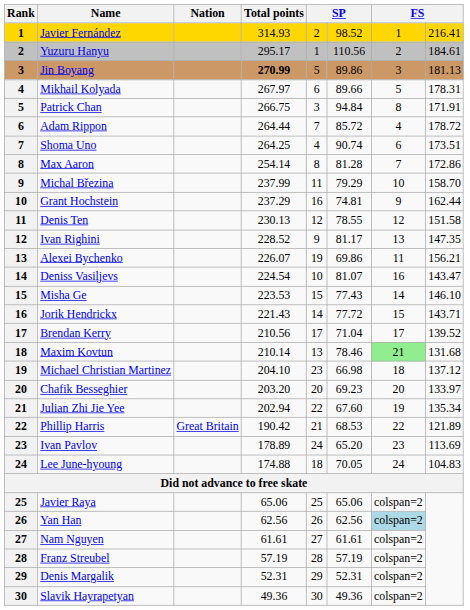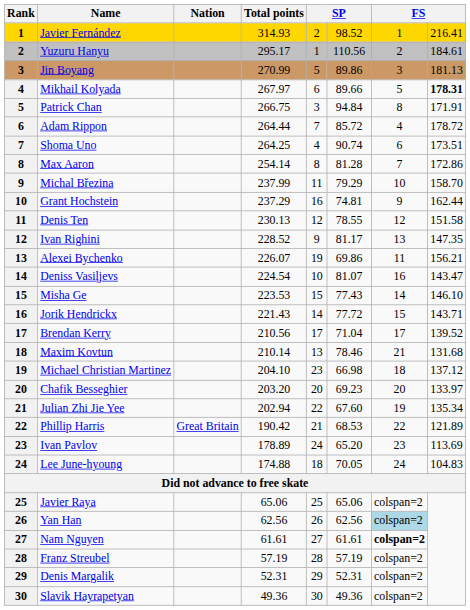 <table class="wikitable sortable">
 <tr>
 <th>Rank</th>
 <th>Name</th>
 <th>Nation</th>
 <th>Total points</th>
 <th colspan="2" width="80px"><a href='#'>SP</a></th>
 <th colspan="2" width="80px"><a href='#'>FS</a></th>
 </tr>
 <tr bgcolor="gold">
 <td align="center"><strong>1</strong></td>
 <td><a href='#'>Javier Fernández</a></td>
 <td></td>
 <td align="center">314.93</td>
 <td align="center">2</td>
 <td align="center">98.52</td>
 <td align="center">1</td>
 <td align="center">216.41</td>
 </tr>
 <tr bgcolor="silver">
 <td align="center"><strong>2</strong></td>
 <td><a href='#'>Yuzuru Hanyu</a></td>
 <td></td>
 <td align="center">295.17</td>
 <td align="center">1</td>
 <td align="center">110.56</td>
 <td align="center">2</td>
 <td align="center">184.61</td>
 </tr>
 <tr bgcolor="cc9966">
 <td align="center"><strong>3</strong></td>
 <td><a href='#'>Jin Boyang</a></td>
 <td></td>
-<td align="center"><strong>270.99</strong></td>
+<td align="center">270.99</td>
 <td align="center">5</td>
 <td align="center">89.86</td>
 <td align="center">3</td>
 <td align="center">181.13</td>
 </tr>
 <tr>
 <th>4</th>
 <td><a href='#'>Mikhail Kolyada</a></td>
 <td></td>
 <td align="center">267.97</td>
 <td align="center">6</td>
 <td align="center">89.66</td>
 <td align="center">5</td>
-<td align="center">178.31</td>
+<td align="center"><strong>178.31</strong></td>
 </tr>
 <tr>
 <th align="center">5</th>
 <td><a href='#'>Patrick Chan</a></td>
 <td></td>
 <td align="center">266.75</td>
 <td align="center">3</td>
 <td align="center">94.84</td>
 <td align="center">8</td>
 <td align="center">171.91</td>
 </tr>
 <tr>
 <th>6</th>
 <td><a href='#'>Adam Rippon</a></td>
 <td></td>
 <td align="center">264.44</td>
 <td align="center">7</td>
 <td align="center">85.72</td>
 <td align="center">4</td>
 <td align="center">178.72</td>
 </tr>
 <tr>
 <th>7</th>
 <td><a href='#'>Shoma Uno</a></td>
 <td></td>
 <td align="center">264.25</td>
 <td align="center">4</td>
 <td align="center">90.74</td>
 <td align="center">6</td>
 <td align="center">173.51</td>
 </tr>
 <tr>
 <th>8</th>
 <td><a href='#'>Max Aaron</a></td>
 <td></td>
 <td align="center">254.14</td>
 <td align="center">8</td>
 <td align="center">81.28</td>
 <td align="center">7</td>
 <td align="center">172.86</td>
 </tr>
 <tr>
 <th>9</th>
 <td><a href='#'>Michal Březina</a></td>
 <td></td>
 <td align="center">237.99</td>
 <td align="center">11</td>
 <td align="center">79.29</td>
 <td align="center">10</td>
 <td align="center">158.70</td>
 </tr>
 <tr>
 <th>10</th>
 <td><a href='#'>Grant Hochstein</a></td>
 <td></td>
 <td align="center">237.29</td>
 <td align="center">16</td>
 <td align="center">74.81</td>
 <td align="center">9</td>
 <td align="center">162.44</td>
 </tr>
 <tr>
 <th>11</th>
 <td><a href='#'>Denis Ten</a></td>
 <td></td>
 <td align="center">230.13</td>
 <td align="center">12</td>
 <td align="center">78.55</td>
 <td align="center">12</td>
 <td align="center">151.58</td>
 </tr>
 <tr>
 <th>12</th>
 <td><a href='#'>Ivan Righini</a></td>
 <td></td>
 <td align="center">228.52</td>
 <td align="center">9</td>
 <td align="center">81.17</td>
 <td align="center">13</td>
 <td align="center">147.35</td>
 </tr>
 <tr>
 <th>13</th>
 <td><a href='#'>Alexei Bychenko</a></td>
 <td></td>
 <td align="center">226.07</td>
 <td align="center">19</td>
 <td align="center">69.86</td>
 <td align="center">11</td>
 <td align="center">156.21</td>
 </tr>
 <tr>
 <th>14</th>
 <td><a href='#'>Deniss Vasiļjevs</a></td>
 <td></td>
 <td align="center">224.54</td>
 <td align="center">10</td>
 <td align="center">81.07</td>
 <td align="center">16</td>
 <td align="center">143.47</td>
 </tr>
 <tr>
 <th>15</th>
 <td><a href='#'>Misha Ge</a></td>
 <td></td>
 <td align="center">223.53</td>
 <td align="center">15</td>
 <td align="center">77.43</td>
 <td align="center">14</td>
 <td align="center">146.10</td>
 </tr>
 <tr>
 <th>16</th>
 <td><a href='#'>Jorik Hendrickx</a></td>
 <td></td>
 <td align="center">221.43</td>
 <td align="center">14</td>
 <td align="center">77.72</td>
 <td align="center">15</td>
 <td align="center">143.71</td>
 </tr>
 <tr>
 <th>17</th>
 <td><a href='#'>Brendan Kerry</a></td>
 <td></td>
 <td align="center">210.56</td>
 <td align="center">17</td>
 <td align="center">71.04</td>
 <td align="center">17</td>
 <td align="center">139.52</td>
 </tr>
 <tr>
 <th>18</th>
 <td><a href='#'>Maxim Kovtun</a></td>
 <td></td>
 <td align="center">210.14</td>
 <td align="center">13</td>
 <td align="center">78.46</td>
-<td align="center" style="background: lightgreen;">21</td>
+<td align="center">21</td>
 <td align="center">131.68</td>
 </tr>
 <tr>
 <th>19</th>
 <td><a href='#'>Michael Christian Martinez</a></td>
 <td></td>
 <td align="center">204.10</td>
 <td align="center">23</td>
 <td align="center">66.98</td>
 <td align="center">18</td>
 <td align="center">137.12</td>
 </tr>
 <tr>
 <th>20</th>
 <td><a href='#'>Chafik Besseghier</a></td>
 <td></td>
 <td align="center">203.20</td>
 <td align="center">20</td>
 <td align="center">69.23</td>
 <td align="center">20</td>
 <td align="center">133.97</td>
 </tr>
 <tr>
 <th>21</th>
 <td><a href='#'>Julian Zhi Jie Yee</a></td>
 <td></td>
 <td align="center">202.94</td>
 <td align="center">22</td>
 <td align="center">67.60</td>
 <td align="center">19</td>
 <td align="center">135.34</td>
 </tr>
 <tr>
 <th>22</th>
 <td><a href='#'>Phillip Harris</a></td>
 <td> <a href='#'>Great Britain</a></td>
 <td align="center">190.42</td>
 <td align="center">21</td>
 <td align="center">68.53</td>
 <td align="center">22</td>
 <td align="center">121.89</td>
 </tr>
 <tr>
 <th>23</th>
 <td><a href='#'>Ivan Pavlov</a></td>
 <td></td>
 <td align="center">178.89</td>
 <td align="center">24</td>
 <td align="center">65.20</td>
 <td align="center">23</td>
 <td align="center">113.69</td>
 </tr>
 <tr>
 <th>24</th>
 <td><a href='#'>Lee June-hyoung</a></td>
 <td></td>
 <td align="center">174.88</td>
 <td align="center">18</td>
 <td align="center">70.05</td>
 <td align="center">24</td>
 <td align="center">104.83</td>
 </tr>
 <tr>
 <th colspan=10>Did not advance to free skate</th>
 </tr>
 <tr>
 <th>25</th>
 <td><a href='#'>Javier Raya</a></td>
 <td></td>
 <td align="center">65.06</td>
 <td align="center">25</td>
 <td align="center">65.06</td>
 <td>colspan=2 </td>
 </tr>
 <tr>
 <th>26</th>
 <td><a href='#'>Yan Han</a></td>
 <td></td>
 <td align="center">62.56</td>
 <td align="center">26</td>
 <td align="center">62.56</td>
 <td style="background: lightblue;">colspan=2 </td>
 </tr>
 <tr>
 <th>27</th>
 <td><a href='#'>Nam Nguyen</a></td>
 <td></td>
 <td align="center">61.61</td>
 <td align="center">27</td>
 <td align="center">61.61</td>
-<td>colspan=2 </td>
+<td><strong>colspan=2 </strong></td>
 </tr>
 <tr>
 <th>28</th>
 <td><a href='#'>Franz Streubel</a></td>
 <td></td>
 <td align="center">57.19</td>
 <td align="center">28</td>
 <td align="center">57.19</td>
 <td>colspan=2 </td>
 </tr>
 <tr>
 <th>29</th>
 <td><a href='#'>Denis Margalik</a></td>
 <td></td>
 <td align="center">52.31</td>
 <td align="center">29</td>
 <td align="center">52.31</td>
 <td>colspan=2 </td>
 </tr>
 <tr>
 <th>30</th>
 <td><a href='#'>Slavik Hayrapetyan</a></td>
 <td></td>
 <td align="center">49.36</td>
 <td align="center">30</td>
 <td align="center">49.36</td>
 <td>colspan=2 </td>
 </tr>
 </table>
